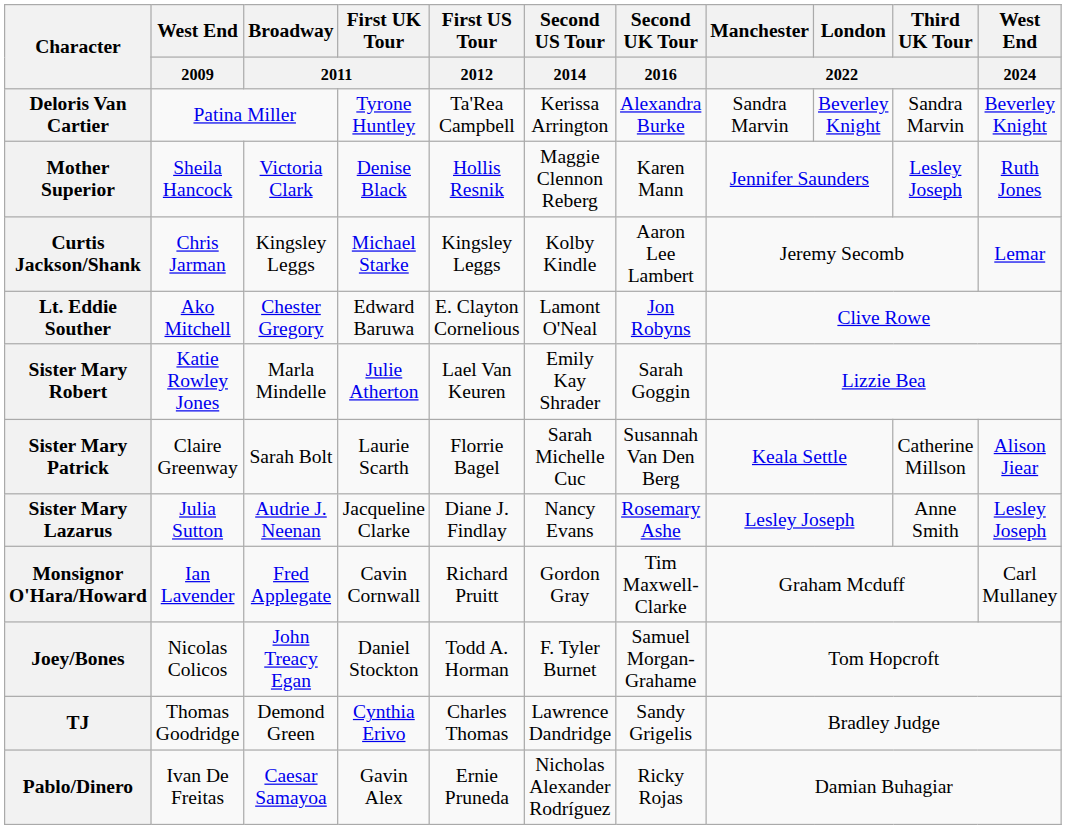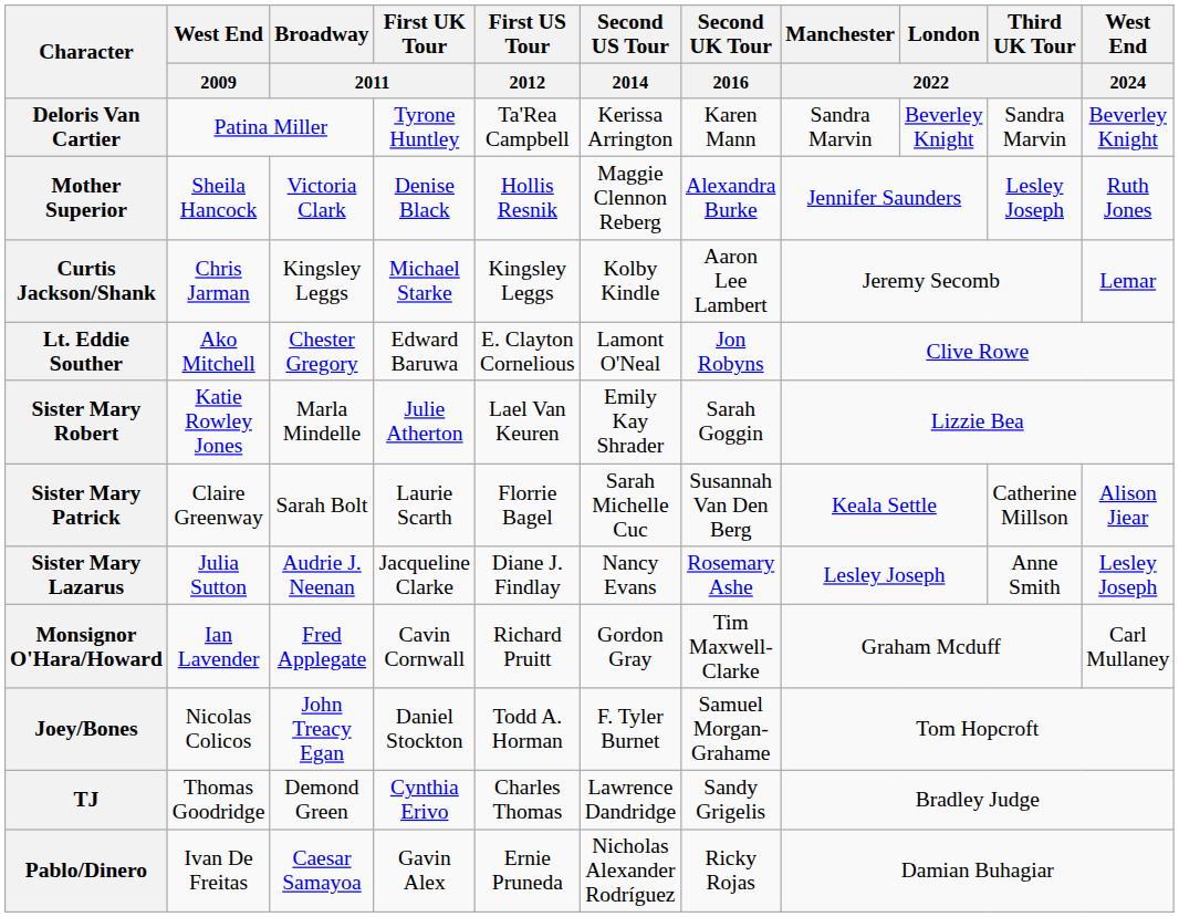 <table class="wikitable" width="100%">
 <tr>
 <th rowspan="2">Character</th>
 <th>West End</th>
 <th>Broadway</th>
 <th>First UK Tour</th>
 <th>First US Tour</th>
 <th>Second US Tour</th>
 <th>Second UK Tour</th>
 <th>Manchester</th>
 <th>London</th>
 <th>Third UK Tour</th>
 <th>West End</th>
 </tr>
 <tr>
 <th><small>2009</small></th>
 <th colspan="2"><small>2011</small></th>
 <th><small>2012</small></th>
 <th><small>2014</small></th>
 <th><small>2016</small></th>
 <th colspan="3"><small>2022</small></th>
 <th><small>2024</small></th>
 </tr>
 <tr>
 <th>Deloris Van Cartier</th>
 <td colspan=2 align=center><a href='#'>Patina Miller</a></td>
 <td align=center><a href='#'>Tyrone Huntley</a></td>
 <td align=center>Ta'Rea Campbell</td>
 <td align=center>Kerissa Arrington</td>
-<td align=center><a href='#'>Alexandra Burke</a></td>
+<td align=center>Karen Mann</td>
 <td align=center>Sandra Marvin</td>
 <td align=center><a href='#'>Beverley Knight</a></td>
 <td align=center>Sandra Marvin</td>
 <td align=center><a href='#'>Beverley Knight</a></td>
 </tr>
 <tr>
 <th>Mother Superior</th>
 <td align=center><a href='#'>Sheila Hancock</a></td>
 <td align=center><a href='#'>Victoria Clark</a></td>
 <td align=center><a href='#'>Denise Black</a></td>
 <td align=center><a href='#'>Hollis Resnik</a></td>
 <td align=center>Maggie Clennon Reberg</td>
-<td align=center>Karen Mann</td>
+<td align=center><a href='#'>Alexandra Burke</a></td>
 <td colspan="2" align="center"><a href='#'>Jennifer Saunders</a></td>
 <td align=center><a href='#'>Lesley Joseph</a></td>
 <td align=center><a href='#'>Ruth Jones</a></td>
 </tr>
 <tr>
 <th>Curtis Jackson/Shank</th>
 <td align=center><a href='#'>Chris Jarman</a></td>
 <td align=center>Kingsley Leggs</td>
 <td align=center><a href='#'>Michael Starke</a></td>
 <td align=center>Kingsley Leggs</td>
 <td align=center>Kolby Kindle</td>
 <td align=center>Aaron Lee Lambert</td>
 <td colspan="3" align="center">Jeremy Secomb</td>
 <td align=center><a href='#'>Lemar</a></td>
 </tr>
 <tr>
 <th>Lt. Eddie Souther</th>
 <td align=center><a href='#'>Ako Mitchell</a></td>
 <td align=center><a href='#'>Chester Gregory</a></td>
 <td align=center>Edward Baruwa</td>
 <td align=center>E. Clayton Cornelious</td>
 <td align=center>Lamont O'Neal</td>
 <td align=center><a href='#'>Jon Robyns</a></td>
 <td colspan="4" align="center"><a href='#'>Clive Rowe</a></td>
 </tr>
 <tr>
 <th>Sister Mary Robert</th>
 <td align=center><a href='#'>Katie Rowley Jones</a></td>
 <td align=center>Marla Mindelle</td>
 <td align=center><a href='#'>Julie Atherton</a></td>
 <td align=center>Lael Van Keuren</td>
 <td align=center>Emily Kay Shrader</td>
 <td align=center>Sarah Goggin</td>
 <td colspan="4" align="center"><a href='#'>Lizzie Bea</a></td>
 </tr>
 <tr>
 <th>Sister Mary Patrick</th>
 <td align=center>Claire Greenway</td>
 <td align=center>Sarah Bolt</td>
 <td align=center>Laurie Scarth</td>
 <td align=center>Florrie Bagel</td>
 <td align=center>Sarah Michelle Cuc</td>
 <td align=center>Susannah Van Den Berg</td>
 <td colspan="2" align="center"><a href='#'>Keala Settle</a></td>
 <td align=center>Catherine Millson</td>
 <td align=center><a href='#'>Alison Jiear</a></td>
 </tr>
 <tr>
 <th>Sister Mary Lazarus</th>
 <td align=center><a href='#'>Julia Sutton</a></td>
 <td align=center><a href='#'>Audrie J. Neenan</a></td>
 <td align=center>Jacqueline Clarke</td>
 <td align=center>Diane J. Findlay</td>
 <td align=center>Nancy Evans</td>
 <td align=center><a href='#'>Rosemary Ashe</a></td>
 <td colspan="2" align="center"><a href='#'>Lesley Joseph</a></td>
 <td align=center>Anne Smith</td>
 <td align=center><a href='#'>Lesley Joseph</a></td>
 </tr>
 <tr>
 <th>Monsignor O'Hara/Howard</th>
 <td align=center><a href='#'>Ian Lavender</a></td>
 <td align=center><a href='#'>Fred Applegate</a></td>
 <td align=center>Cavin Cornwall</td>
 <td align=center>Richard Pruitt</td>
 <td align=center>Gordon Gray</td>
 <td align=center>Tim Maxwell-Clarke</td>
 <td colspan="3" align="center">Graham Mcduff</td>
 <td align=center>Carl Mullaney</td>
 </tr>
 <tr>
 <th>Joey/Bones</th>
 <td align=center>Nicolas Colicos</td>
 <td align=center><a href='#'>John Treacy Egan</a></td>
 <td align=center>Daniel Stockton</td>
 <td align=center>Todd A. Horman</td>
 <td align=center>F. Tyler Burnet</td>
 <td align=center>Samuel Morgan-Grahame</td>
 <td colspan="4" align="center">Tom Hopcroft</td>
 </tr>
 <tr>
 <th>TJ</th>
 <td align=center>Thomas Goodridge</td>
 <td align=center>Demond Green</td>
 <td align=center><a href='#'>Cynthia Erivo</a></td>
 <td align=center>Charles Thomas</td>
 <td align=center>Lawrence Dandridge</td>
 <td align=center>Sandy Grigelis</td>
 <td colspan="4" align="center">Bradley Judge</td>
 </tr>
 <tr>
 <th>Pablo/Dinero</th>
 <td align=center>Ivan De Freitas</td>
 <td align=center><a href='#'>Caesar Samayoa</a></td>
 <td align=center>Gavin Alex</td>
 <td align=center>Ernie Pruneda</td>
 <td align=center>Nicholas Alexander Rodríguez</td>
 <td align=center>Ricky Rojas</td>
 <td colspan="4" align="center">Damian Buhagiar</td>
 </tr>
 </table>
